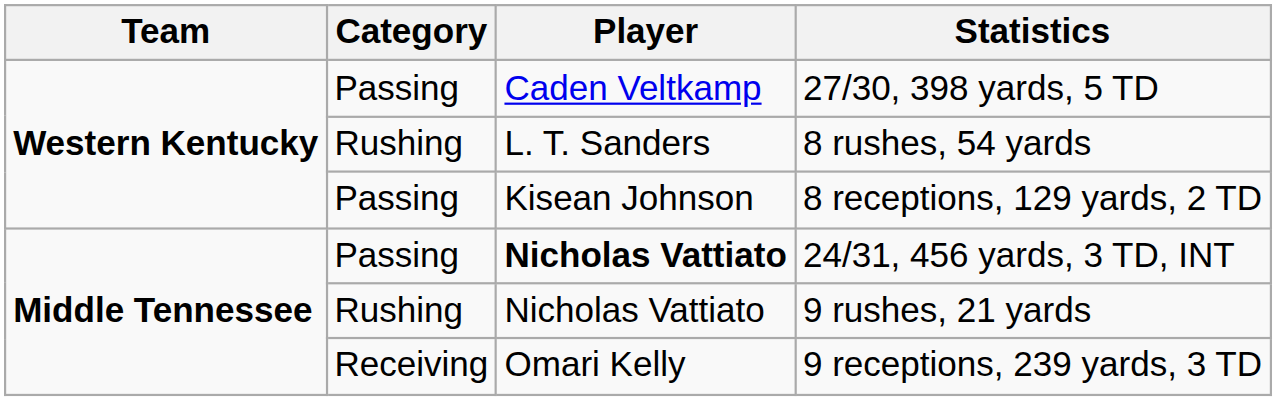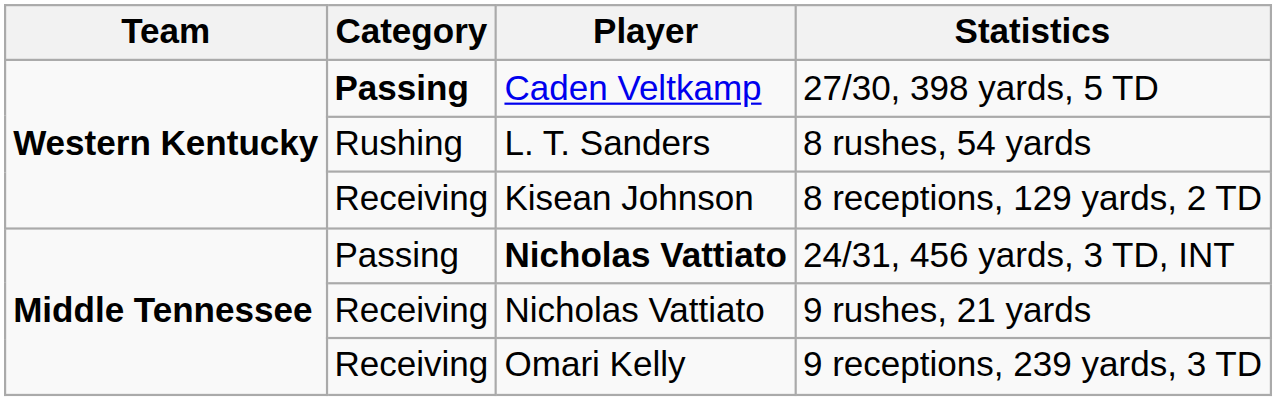 <table class="wikitable" style="float: left;">
 <tr>
 <th>Team</th>
 <th>Category</th>
 <th>Player</th>
 <th>Statistics</th>
 </tr>
 <tr>
 <td rowspan=3><strong>Western Kentucky</strong></td>
-<td>Passing</td>
+<td><strong>Passing</strong></td>
 <td><a href='#'>Caden Veltkamp</a></td>
 <td>27/30, 398 yards, 5 TD</td>
 </tr>
 <tr>
 <td>Rushing</td>
 <td>L. T. Sanders</td>
 <td>8 rushes, 54 yards</td>
 </tr>
 <tr>
-<td>Passing</td>
+<td>Receiving</td>
 <td>Kisean Johnson</td>
 <td>8 receptions, 129 yards, 2 TD</td>
 </tr>
 <tr>
 <td rowspan=3><strong>Middle Tennessee</strong></td>
 <td>Passing</td>
 <td><strong>Nicholas Vattiato</strong></td>
 <td>24/31, 456 yards, 3 TD, INT</td>
 </tr>
 <tr>
-<td>Rushing</td>
+<td>Receiving</td>
 <td>Nicholas Vattiato</td>
 <td>9 rushes, 21 yards</td>
 </tr>
 <tr>
 <td>Receiving</td>
 <td>Omari Kelly</td>
 <td>9 receptions, 239 yards, 3 TD</td>
 </tr>
 </table>
